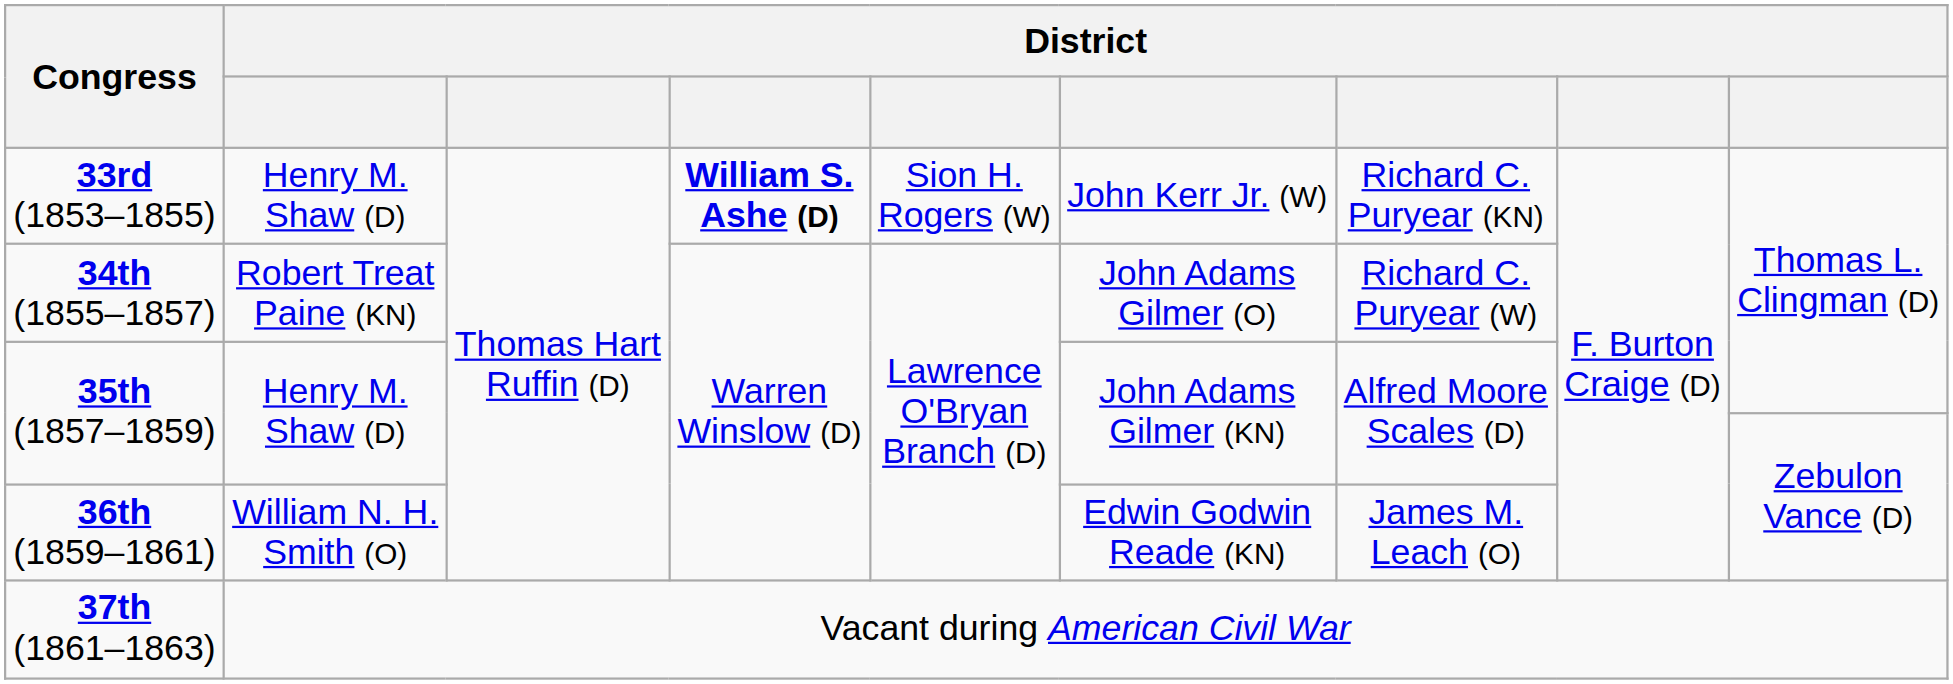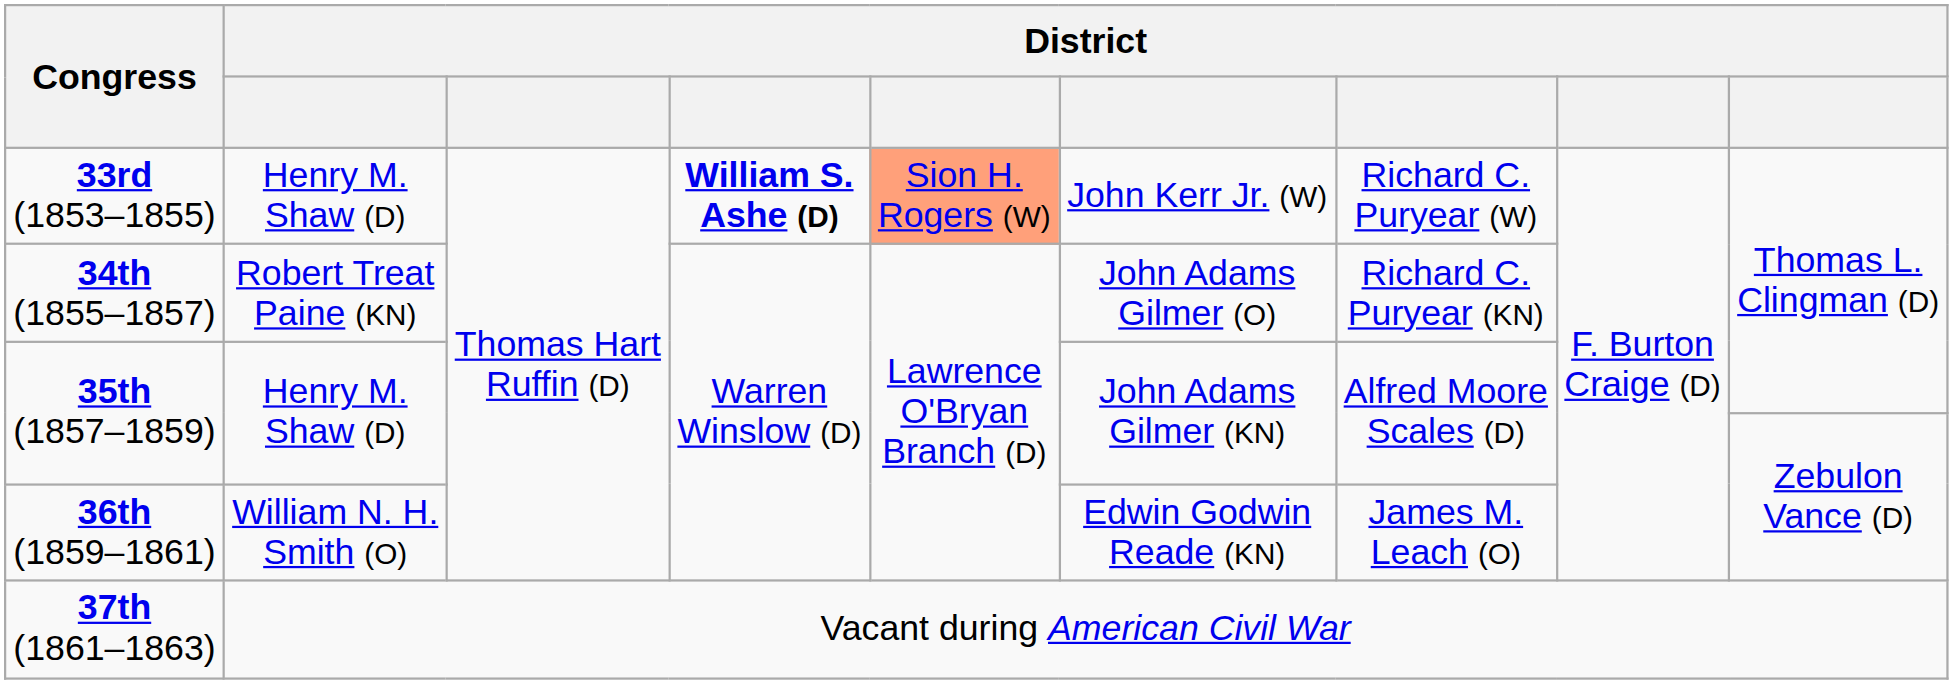 <table class=wikitable style="text-align:center">
 <tr style="height:2em">
 <th rowspan=2>Con­gress</th>
 <th colspan=8>District</th>
 </tr>
 <tr style="height:2em">
 <th></th>
 <th></th>
 <th></th>
 <th></th>
 <th></th>
 <th></th>
 <th></th>
 <th></th>
 </tr>
 <tr style="height:2em">
 <td><strong><a href='#'>33rd</a></strong><br>(1853–1855)</td>
 <td><a href='#'>Henry M.<br>Shaw</a> <small>(D)</small></td>
 <td rowspan=5 ><a href='#'>Thomas Hart<br>Ruffin</a> <small>(D)</small></td>
 <td><strong><a href='#'>William S.<br>Ashe</a> <small>(D)</small></strong></td>
-<td><a href='#'>Sion H.<br>Rogers</a> <small>(W)</small></td>
+<td style="background: lightsalmon;"><a href='#'>Sion H.<br>Rogers</a> <small>(W)</small></td>
 <td><a href='#'>John Kerr Jr.</a> <small>(W)</small></td>
-<td><a href='#'>Richard C.<br>Puryear</a> <small>(KN)</small></td>
+<td><a href='#'>Richard C.<br>Puryear</a> <small>(W)</small></td>
 <td rowspan=5 ><a href='#'>F. Burton<br>Craige</a> <small>(D)</small></td>
 <td rowspan=3 ><a href='#'>Thomas L.<br>Clingman</a> <small>(D)</small></td>
 </tr>
 <tr style="height:2em">
 <td><strong><a href='#'>34th</a></strong><br>(1855–1857)</td>
 <td><a href='#'>Robert Treat<br>Paine</a> <small>(KN)</small></td>
 <td rowspan=4 ><a href='#'>Warren<br>Winslow</a> <small>(D)</small></td>
 <td rowspan=4 ><a href='#'>Lawrence<br>O'Bryan<br>Branch</a> <small>(D)</small></td>
 <td><a href='#'>John Adams<br>Gilmer</a> <small>(O)</small></td>
-<td><a href='#'>Richard C.<br>Puryear</a> <small>(W)</small></td>
+<td><a href='#'>Richard C.<br>Puryear</a> <small>(KN)</small></td>
 </tr>
 <tr style="height:2em">
 <td rowspan=2><strong><a href='#'>35th</a></strong><br>(1857–1859)</td>
 <td rowspan=2 ><a href='#'>Henry M.<br>Shaw</a> <small>(D)</small></td>
 <td rowspan=2 ><a href='#'>John Adams<br>Gilmer</a> <small>(KN)</small></td>
 <td rowspan=2 ><a href='#'>Alfred Moore<br>Scales</a> <small>(D)</small></td>
 </tr>
 <tr style="height:2em">
 <td rowspan=2 ><a href='#'>Zebulon<br>Vance</a> <small>(D)</small></td>
 </tr>
 <tr style="height:2em">
 <td><strong><a href='#'>36th</a></strong><br>(1859–1861)</td>
 <td><a href='#'>William N. H.<br>Smith</a> <small>(O)</small></td>
 <td><a href='#'>Edwin Godwin<br>Reade</a> <small>(KN)</small></td>
 <td><a href='#'>James M.<br>Leach</a> <small>(O)</small></td>
 </tr>
 <tr style="height:2em">
 <td><strong><a href='#'>37th</a></strong><br>(1861–1863)</td>
 <td colspan=8>Vacant during <em><a href='#'>American Civil War</a></em></td>
 </tr>
 </table>
